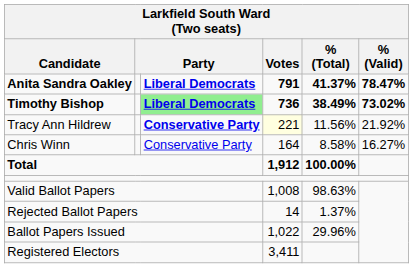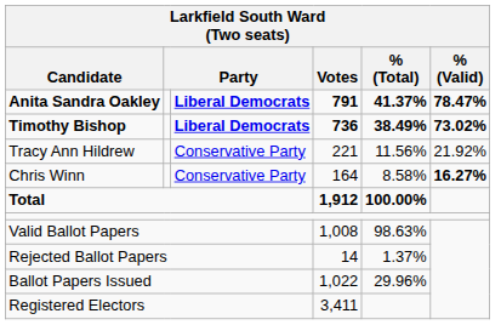 <table class="wikitable" border="1" style="text-align:right; font-size:100%">
 <tr>
 <th align=center colspan=6>Larkfield South Ward<br>(Two seats)</th>
 </tr>
 <tr>
 <th valign=bottom>Candidate</th>
 <th valign=bottom colspan=2>Party</th>
 <th valign=bottom>Votes</th>
 <th>%<br>(Total)</th>
 <th>%<br>(Valid)</th>
 </tr>
 <tr>
 <td align=left><strong>Anita Sandra Oakley</strong></td>
 <td style="background:"></td>
 <td align=left><strong><a href='#'>Liberal Democrats</a></strong></td>
 <td><strong>791</strong></td>
 <td><strong>41.37%</strong></td>
 <td><strong>78.47%</strong></td>
 </tr>
 <tr>
 <td align=left><strong>Timothy Bishop</strong></td>
 <td style="background:"></td>
-<td align=left style="background: lightgreen;"><strong><a href='#'>Liberal Democrats</a></strong></td>
+<td align=left><strong><a href='#'>Liberal Democrats</a></strong></td>
 <td><strong>736</strong></td>
 <td><strong>38.49%</strong></td>
 <td><strong>73.02%</strong></td>
 </tr>
 <tr>
 <td align=left>Tracy Ann Hildrew</td>
 <td style="background:"></td>
-<td align=left><strong><a href='#'>Conservative Party</a></strong></td>
-<td style="background: lightyellow;">221</td>
+<td align=left><a href='#'>Conservative Party</a></td>
+<td>221</td>
 <td>11.56%</td>
 <td>21.92%</td>
 </tr>
 <tr>
 <td align=left>Chris Winn</td>
 <td style="background:"></td>
 <td align=left><a href='#'>Conservative Party</a></td>
 <td>164</td>
 <td>8.58%</td>
-<td>16.27%</td>
+<td><strong>16.27%</strong></td>
 </tr>
 <tr style="font-weight:bold">
 <td align=left colspan=3>Total</td>
 <td>1,912</td>
 <td>100.00%</td>
 <td></td>
 </tr>
 <tr>
 <td align=left colspan=6></td>
 </tr>
 <tr>
 <td align=left colspan=3>Valid Ballot Papers</td>
 <td>1,008</td>
 <td>98.63%</td>
 <td rowspan=4></td>
 </tr>
 <tr>
 <td align=left colspan=3>Rejected Ballot Papers</td>
 <td>14</td>
 <td>1.37%</td>
 </tr>
 <tr>
 <td align=left colspan=3>Ballot Papers Issued</td>
 <td>1,022</td>
 <td>29.96%</td>
 </tr>
 <tr>
 <td align=left colspan=3>Registered Electors</td>
 <td>3,411</td>
 <td></td>
 </tr>
 </table>
